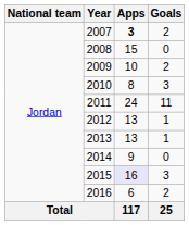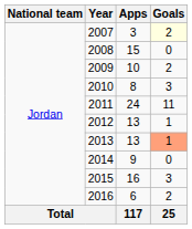 <table class="wikitable" style="text-align:center">
 <tr>
 <th>National team</th>
 <th>Year</th>
 <th>Apps</th>
 <th>Goals</th>
 </tr>
 <tr>
 <td rowspan="10"><a href='#'>Jordan</a></td>
 <td>2007</td>
-<td><strong>3</strong></td>
-<td>2</td>
+<td>3</td>
+<td style="background: lightyellow;">2</td>
 </tr>
 <tr>
 <td>2008</td>
 <td>15</td>
 <td>0</td>
 </tr>
 <tr>
 <td>2009</td>
 <td>10</td>
 <td>2</td>
 </tr>
 <tr>
 <td>2010</td>
 <td>8</td>
 <td>3</td>
 </tr>
 <tr>
 <td>2011</td>
 <td>24</td>
 <td>11</td>
 </tr>
 <tr>
 <td>2012</td>
 <td>13</td>
 <td>1</td>
 </tr>
 <tr>
 <td>2013</td>
 <td>13</td>
-<td>1</td>
+<td style="background: lightsalmon;">1</td>
 </tr>
 <tr>
 <td>2014</td>
 <td>9</td>
 <td>0</td>
 </tr>
 <tr>
 <td>2015</td>
-<td style="background: lavender;">16</td>
+<td>16</td>
 <td>3</td>
 </tr>
 <tr>
 <td>2016</td>
 <td>6</td>
 <td>2</td>
 </tr>
 <tr>
 <th colspan="2">Total</th>
 <th>117</th>
 <th>25</th>
 </tr>
 </table>
